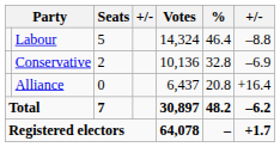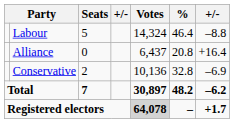 <table class="wikitable sortable">
 <tr>
 <th colspan="2">Party</th>
 <th>Seats</th>
 <th>+/-</th>
 <th>Votes</th>
 <th>%</th>
 <th>+/-</th>
 </tr>
 <tr>
 <td style="background-color: "></td>
 <td><a href='#'>Labour</a></td>
 <td>5</td>
 <td></td>
 <td style="text-align:right;">14,324</td>
 <td style="text-align:right;">46.4</td>
 <td style="text-align:right;">–8.8</td>
 </tr>
 <tr>
 <td style="background-color: "></td>
+<td><a href='#'>Alliance</a></td>
+<td>0</td>
+<td></td>
+<td style="text-align:right;">6,437</td>
+<td style="text-align:right;">20.8</td>
+<td style="text-align:right;">+16.4</td>
+</tr>
+<tr>
+<td style="background-color: "></td>
 <td><a href='#'>Conservative</a></td>
 <td>2</td>
 <td></td>
 <td style="text-align:right;">10,136</td>
 <td style="text-align:right;">32.8</td>
 <td style="text-align:right;">–6.9</td>
-</tr>
-<tr>
-<td style="background-color: "></td>
-<td><a href='#'>Alliance</a></td>
-<td>0</td>
-<td></td>
-<td style="text-align:right;">6,437</td>
-<td style="text-align:right;">20.8</td>
-<td style="text-align:right;">+16.4</td>
 </tr>
 <tr>
 <td colspan="2"><strong>Total</strong></td>
 <td><strong>7</strong></td>
 <td></td>
 <td style="text-align:right;"><strong>30,897</strong></td>
 <td style="text-align:right;"><strong>48.2</strong></td>
 <td style="text-align:right;"><strong>–6.2</strong></td>
 </tr>
 <tr>
 <td colspan="4"><strong>Registered electors</strong></td>
-<td style="text-align:right;"><strong>64,078</strong></td>
+<td style="background: lightgrey; text-align:right;"><strong>64,078</strong></td>
 <td style="text-align:right;"><strong>–</strong></td>
 <td style="text-align:right;"><strong>+1.7</strong></td>
 </tr>
 </table>
